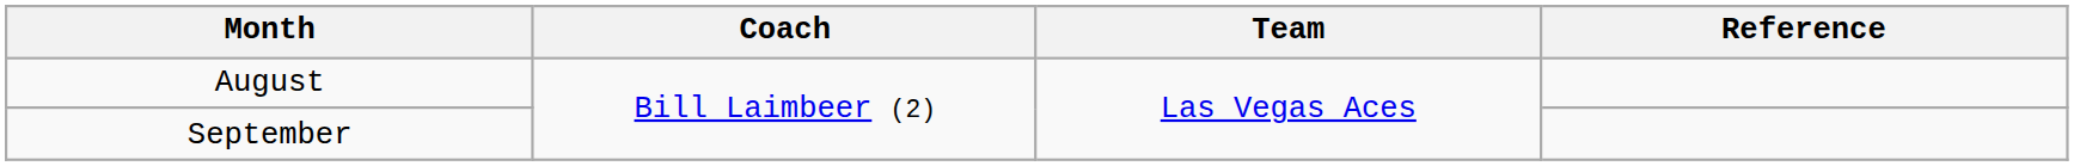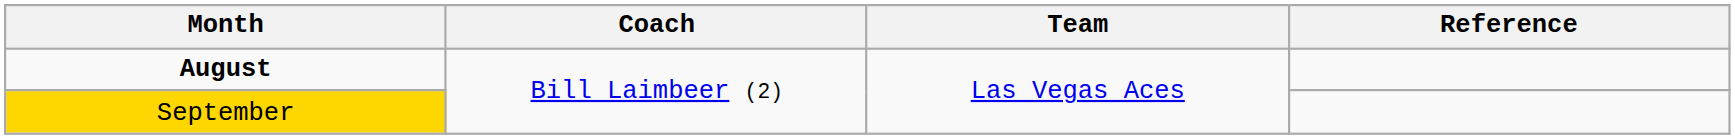 <table class="wikitable" style="width: 50%; text-align:center; font-size:90%">
 <tr>
 <th width=60>Month</th>
 <th width=60>Coach</th>
 <th width=60>Team</th>
 <th width=20>Reference</th>
 </tr>
 <tr>
-<td>August</td>
+<td><strong>August</strong></td>
 <td rowspan="2"><a href='#'>Bill Laimbeer</a> <small>(2)</small></td>
 <td rowspan="2"><a href='#'>Las Vegas Aces</a></td>
 <td></td>
 </tr>
 <tr>
-<td>September</td>
+<td style="background: gold;">September</td>
 <td></td>
 </tr>
 </table>
